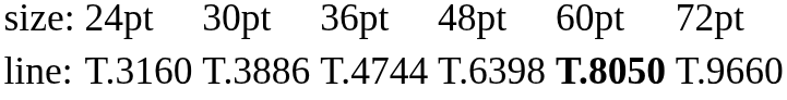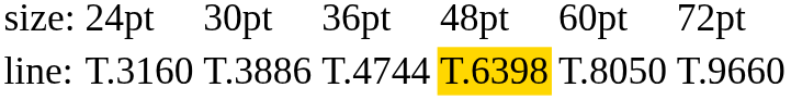 <table style="margin-left:40px;">
 <tr>
 <td>size:</td>
 <td>24pt</td>
 <td>30pt</td>
 <td>36pt</td>
 <td>48pt</td>
 <td>60pt</td>
 <td>72pt</td>
 </tr>
 <tr>
 <td>line:</td>
 <td>T.3160</td>
 <td>T.3886</td>
 <td>T.4744</td>
-<td>T.6398</td>
-<td><strong>T.8050</strong></td>
+<td style="background: gold;">T.6398</td>
+<td>T.8050</td>
 <td>T.9660</td>
 </tr>
 </table>
